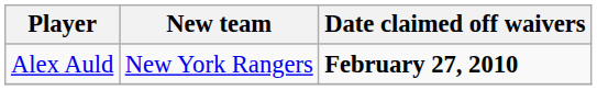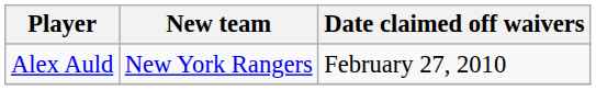 <table class="wikitable">
 <tr>
 <th>Player</th>
 <th>New team</th>
 <th>Date claimed off waivers</th>
 </tr>
 <tr>
 <td><a href='#'>Alex Auld</a></td>
 <td><a href='#'>New York Rangers</a></td>
-<td><strong>February 27, 2010</strong></td>
+<td>February 27, 2010</td>
 </tr>
 <tr>
 </tr>
 </table>
